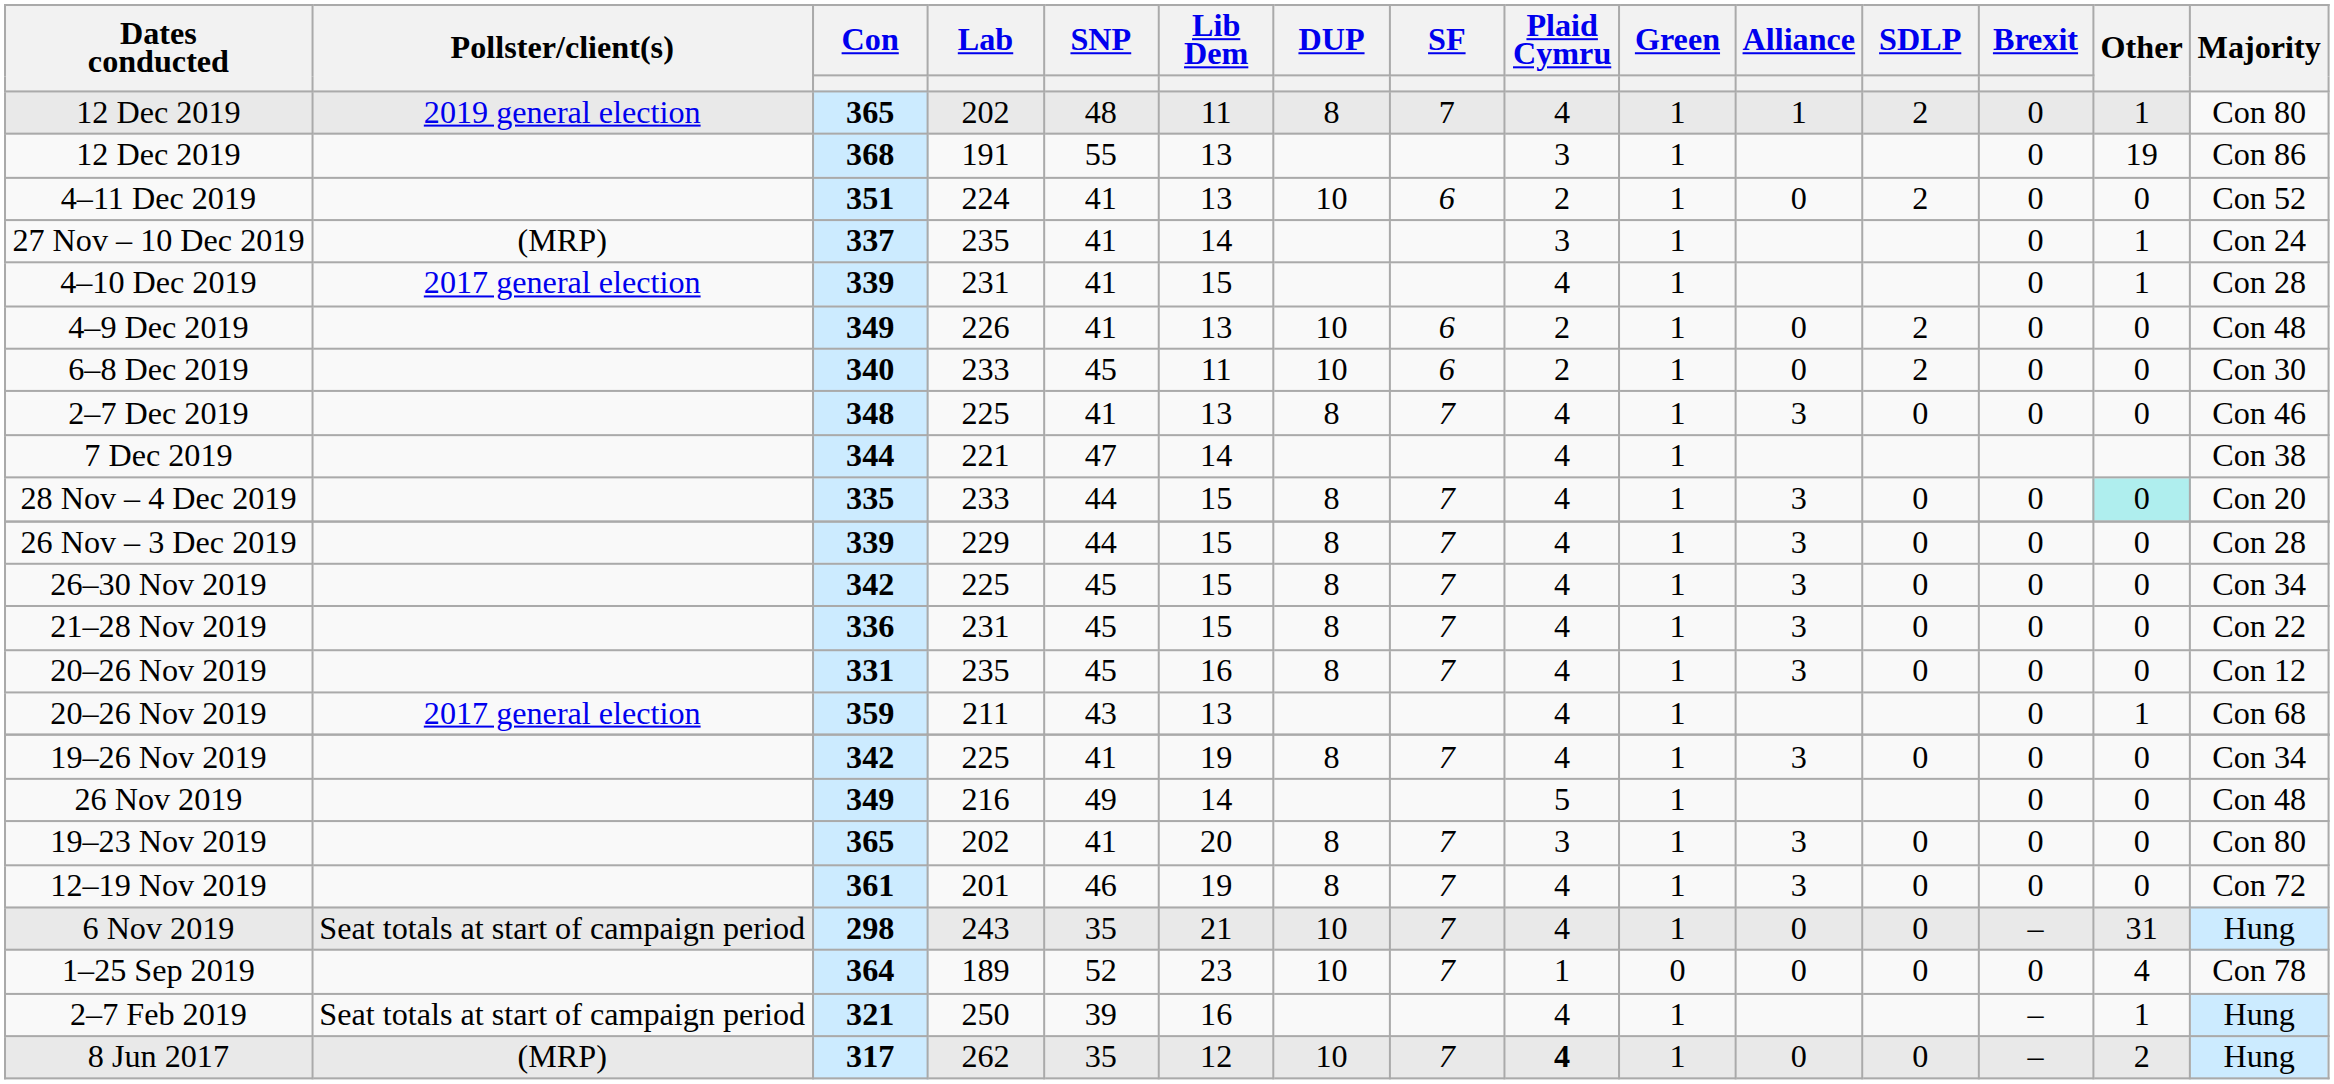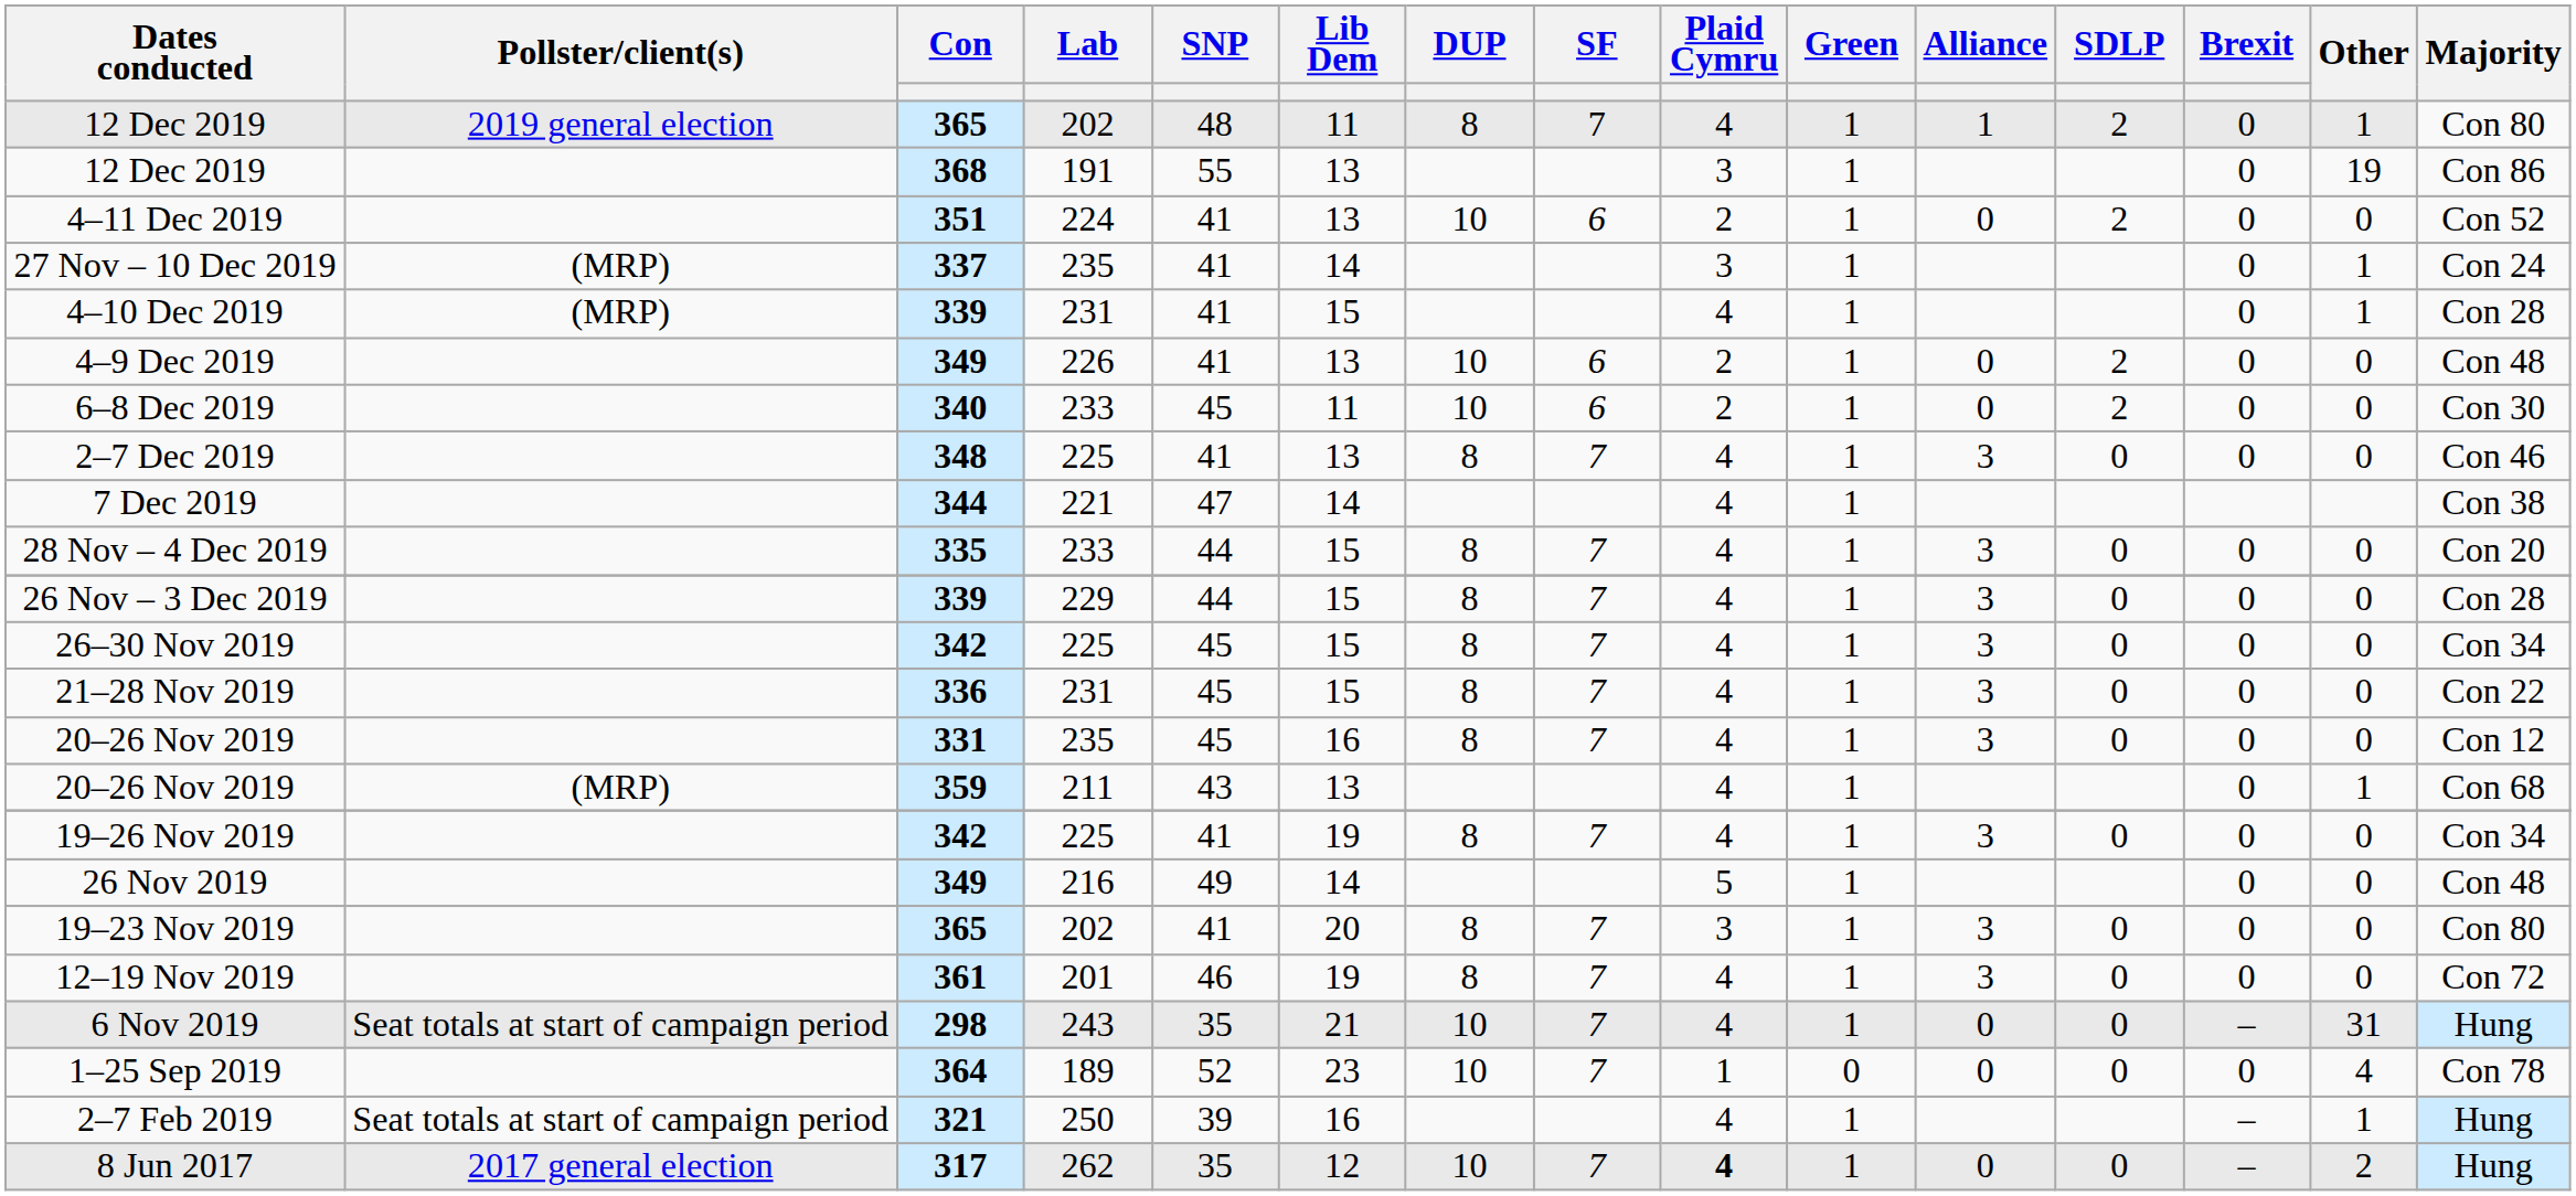 <table class="wikitable sortable mw-datatable" style="text-align:center;line-height:14px;">
 <tr>
 <th rowspan="2">Dates<br>conducted</th>
 <th rowspan="2">Pollster/client(s)</th>
 <th class="unsortable" style="width:50px;"><a href='#'>Con</a></th>
 <th class="unsortable" style="width:50px;"><a href='#'>Lab</a></th>
 <th class="unsortable" style="width:50px;"><a href='#'>SNP</a></th>
 <th class="unsortable" style="width:50px;"><a href='#'>Lib Dem</a></th>
 <th class="unsortable" style="width:50px;"><a href='#'>DUP</a></th>
 <th class="unsortable" style="width:50px;"><a href='#'>SF</a></th>
 <th class="unsortable" style="width:50px;"><a href='#'>Plaid Cymru</a></th>
 <th class="unsortable" style="width:50px;"><a href='#'>Green</a></th>
 <th class="unsortable" style="width:50px;"><a href='#'>Alliance</a></th>
 <th class="unsortable" style="width:50px;"><a href='#'>SDLP</a></th>
 <th class="unsortable" style="width:50px;"><a href='#'>Brexit</a></th>
 <th rowspan="2" class="unsortable">Other</th>
 <th rowspan="2" data-sort-type="number">Majority</th>
 </tr>
 <tr>
 <th data-sort-type="number" style="background:"></th>
 <th data-sort-type="number" style="background:"></th>
 <th data-sort-type="number" style="background:"></th>
 <th data-sort-type="number" style="background:"></th>
 <th data-sort-type="number" style="background:"></th>
 <th data-sort-type="number" style="background:"></th>
 <th data-sort-type="number" style="background:"></th>
 <th data-sort-type="number" style="background:"></th>
 <th data-sort-type="number" style="background:"></th>
 <th data-sort-type="number" style="background:"></th>
 <th data-sort-type="number" style="background:"></th>
 </tr>
 <tr>
 <td style="background:#E9E9E9;">12 Dec 2019</td>
 <td style="background:#E9E9E9;"><a href='#'>2019 general election</a></td>
 <td style="background:#CCEBFF;"><strong>365</strong></td>
 <td style="background:#E9E9E9;">202</td>
 <td style="background:#E9E9E9;">48</td>
 <td style="background:#E9E9E9;">11</td>
 <td style="background:#E9E9E9;">8</td>
 <td style="background:#E9E9E9;">7</td>
 <td style="background:#E9E9E9;">4</td>
 <td style="background:#E9E9E9;">1</td>
 <td style="background:#E9E9E9;">1</td>
 <td style="background:#E9E9E9;">2</td>
 <td style="background:#E9E9E9;">0</td>
 <td style="background:#E9E9E9;">1</td>
 <td style="background:">Con 80</td>
 </tr>
 <tr>
 <td>12 Dec 2019</td>
 <td></td>
 <td style="background:#CCEBFF;"><strong>368</strong></td>
 <td>191</td>
 <td>55</td>
 <td>13</td>
 <td></td>
 <td></td>
 <td>3</td>
 <td>1</td>
 <td></td>
 <td></td>
 <td>0</td>
 <td>19</td>
 <td style="background:">Con 86</td>
 </tr>
 <tr>
 <td>4–11 Dec 2019</td>
 <td></td>
 <td style="background:#CCEBFF;"><strong>351</strong></td>
 <td>224</td>
 <td>41</td>
 <td>13</td>
 <td>10</td>
 <td><em>6</em></td>
 <td>2</td>
 <td>1</td>
 <td>0</td>
 <td>2</td>
 <td>0</td>
 <td>0</td>
 <td style="background:">Con 52</td>
 </tr>
 <tr>
 <td>27 Nov – 10 Dec 2019</td>
 <td> (MRP)</td>
 <td style="background:#CCEBFF;"><strong>337</strong></td>
 <td>235</td>
 <td>41</td>
 <td>14</td>
 <td></td>
 <td></td>
 <td>3</td>
 <td>1</td>
 <td></td>
 <td></td>
 <td>0</td>
 <td>1</td>
 <td style="background:">Con 24</td>
 </tr>
 <tr>
 <td>4–10 Dec 2019</td>
-<td><a href='#'>2017 general election</a></td>
+<td> (MRP)</td>
 <td style="background:#CCEBFF;"><strong>339</strong></td>
 <td>231</td>
 <td>41</td>
 <td>15</td>
 <td></td>
 <td></td>
 <td>4</td>
 <td>1</td>
 <td></td>
 <td></td>
 <td>0</td>
 <td>1</td>
 <td style="background:">Con 28</td>
 </tr>
 <tr>
 <td>4–9 Dec 2019</td>
 <td></td>
 <td style="background:#CCEBFF;"><strong>349</strong></td>
 <td>226</td>
 <td>41</td>
 <td>13</td>
 <td>10</td>
 <td><em>6</em></td>
 <td>2</td>
 <td>1</td>
 <td>0</td>
 <td>2</td>
 <td>0</td>
 <td>0</td>
 <td style="background:">Con 48</td>
 </tr>
 <tr>
 <td>6–8 Dec 2019</td>
 <td> </td>
 <td style="background:#CCEBFF;"><strong>340</strong></td>
 <td>233</td>
 <td>45</td>
 <td>11</td>
 <td>10</td>
 <td><em>6</em></td>
 <td>2</td>
 <td>1</td>
 <td>0</td>
 <td>2</td>
 <td>0</td>
 <td>0</td>
 <td style="background:">Con 30</td>
 </tr>
 <tr>
 <td>2–7 Dec 2019</td>
 <td></td>
 <td style="background:#CCEBFF;"><strong>348</strong></td>
 <td>225</td>
 <td>41</td>
 <td>13</td>
 <td>8</td>
 <td><em>7</em></td>
 <td>4</td>
 <td>1</td>
 <td>3</td>
 <td>0</td>
 <td>0</td>
 <td>0</td>
 <td style="background:">Con 46</td>
 </tr>
 <tr>
 <td>7 Dec 2019</td>
 <td></td>
 <td style="background:#CCEBFF;"><strong>344</strong></td>
 <td>221</td>
 <td>47</td>
 <td>14</td>
 <td></td>
 <td></td>
 <td>4</td>
 <td>1</td>
 <td></td>
 <td></td>
 <td></td>
 <td></td>
 <td style="background:">Con 38</td>
 </tr>
 <tr>
 <td>28 Nov – 4 Dec 2019</td>
 <td></td>
 <td style="background:#CCEBFF;"><strong>335</strong></td>
 <td>233</td>
 <td>44</td>
 <td>15</td>
 <td>8</td>
 <td><em>7</em></td>
 <td>4</td>
 <td>1</td>
 <td>3</td>
 <td>0</td>
 <td>0</td>
-<td style="background: paleturquoise;">0</td>
+<td>0</td>
 <td style="background:">Con 20</td>
 </tr>
 <tr>
 </tr>
 <tr>
 <td>26 Nov – 3 Dec 2019</td>
 <td></td>
 <td style="background:#CCEBFF;"><strong>339</strong></td>
 <td>229</td>
 <td>44</td>
 <td>15</td>
 <td>8</td>
 <td><em>7</em></td>
 <td>4</td>
 <td>1</td>
 <td>3</td>
 <td>0</td>
 <td>0</td>
 <td>0</td>
 <td style="background:">Con 28</td>
 </tr>
 <tr>
 <td>26–30 Nov 2019</td>
 <td></td>
 <td style="background:#CCEBFF;"><strong>342</strong></td>
 <td>225</td>
 <td>45</td>
 <td>15</td>
 <td>8</td>
 <td><em>7</em></td>
 <td>4</td>
 <td>1</td>
 <td>3</td>
 <td>0</td>
 <td>0</td>
 <td>0</td>
 <td style="background:">Con 34</td>
 </tr>
 <tr>
 <td>21–28 Nov 2019</td>
 <td></td>
 <td style="background:#CCEBFF;"><strong>336</strong></td>
 <td>231</td>
 <td>45</td>
 <td>15</td>
 <td>8</td>
 <td><em>7</em></td>
 <td>4</td>
 <td>1</td>
 <td>3</td>
 <td>0</td>
 <td>0</td>
 <td>0</td>
 <td style="background:">Con 22</td>
 </tr>
 <tr>
 <td>20–26 Nov 2019</td>
 <td></td>
 <td style="background:#CCEBFF;"><strong>331</strong></td>
 <td>235</td>
 <td>45</td>
 <td>16</td>
 <td>8</td>
 <td><em>7</em></td>
 <td>4</td>
 <td>1</td>
 <td>3</td>
 <td>0</td>
 <td>0</td>
 <td>0</td>
 <td style="background:">Con 12</td>
 </tr>
 <tr>
 <td data-sort-value="2019-11-27">20–26 Nov 2019</td>
-<td><a href='#'>2017 general election</a></td>
+<td> (MRP)</td>
 <td style="background:#CCEBFF;"><strong>359</strong></td>
 <td>211</td>
 <td>43</td>
 <td>13</td>
 <td></td>
 <td></td>
 <td>4</td>
 <td>1</td>
 <td></td>
 <td></td>
 <td>0</td>
 <td>1</td>
 <td style="background:">Con 68</td>
 </tr>
 <tr style="background:#E9E9E9;">
 </tr>
 <tr>
 <td>19–26 Nov 2019</td>
 <td></td>
 <td style="background:#CCEBFF;"><strong>342</strong></td>
 <td>225</td>
 <td>41</td>
 <td>19</td>
 <td>8</td>
 <td><em>7</em></td>
 <td>4</td>
 <td>1</td>
 <td>3</td>
 <td>0</td>
 <td>0</td>
 <td>0</td>
 <td style="background:">Con 34</td>
 </tr>
 <tr>
 <td>26 Nov 2019</td>
 <td></td>
 <td style="background:#CCEBFF;"><strong>349</strong></td>
 <td>216</td>
 <td>49</td>
 <td>14</td>
 <td></td>
 <td></td>
 <td>5</td>
 <td>1</td>
 <td></td>
 <td></td>
 <td>0</td>
 <td>0</td>
 <td style="background:">Con 48</td>
 </tr>
 <tr>
 <td>19–23 Nov 2019</td>
 <td></td>
 <td style="background:#CCEBFF;"><strong>365</strong></td>
 <td>202</td>
 <td>41</td>
 <td>20</td>
 <td>8</td>
 <td><em>7</em></td>
 <td>3</td>
 <td>1</td>
 <td>3</td>
 <td>0</td>
 <td>0</td>
 <td>0</td>
 <td style="background:">Con 80</td>
 </tr>
 <tr>
 <td>12–19 Nov 2019</td>
 <td></td>
 <td style="background:#CCEBFF;"><strong>361</strong></td>
 <td>201</td>
 <td>46</td>
 <td>19</td>
 <td>8</td>
 <td><em>7</em></td>
 <td>4</td>
 <td>1</td>
 <td>3</td>
 <td>0</td>
 <td>0</td>
 <td>0</td>
 <td style="background:">Con 72</td>
 </tr>
 <tr style="background:#E9E9E9;">
 <td data-sort-value="2017-06-08">6 Nov 2019</td>
 <td>Seat totals at start of campaign period</td>
 <td style="background:#CCEBFF;"><strong>298</strong></td>
 <td>243</td>
 <td>35</td>
 <td>21</td>
 <td>10</td>
 <td><em>7</em></td>
 <td>4</td>
 <td>1</td>
 <td>0</td>
 <td>0</td>
 <td>–</td>
 <td>31</td>
 <td style="background:#ccebff;" data-sort-value="-28">Hung<br></td>
 </tr>
 <tr>
 <td data-sort-value="2019-10-30">1–25 Sep 2019</td>
 <td></td>
 <td style="background:#CCEBFF;"><strong>364</strong></td>
 <td>189</td>
 <td>52</td>
 <td>23</td>
 <td>10</td>
 <td><em>7</em></td>
 <td>1</td>
 <td>0</td>
 <td>0</td>
 <td>0</td>
 <td>0</td>
 <td>4</td>
 <td style="background:">Con 78</td>
 </tr>
 <tr>
 <td data-sort-value="2019-02-07">2–7 Feb 2019</td>
 <td>Seat totals at start of campaign period</td>
 <td style="background:#CCEBFF;"><strong>321</strong></td>
 <td>250</td>
 <td>39</td>
 <td>16</td>
 <td></td>
 <td></td>
 <td>4</td>
 <td>1</td>
 <td></td>
 <td></td>
 <td>–</td>
 <td>1</td>
 <td style="background:#ccebff;" data-sort-value="-5">Hung<br></td>
 </tr>
 <tr style="background:#E9E9E9;">
 <td data-sort-value="2017-06-08">8 Jun 2017</td>
-<td> (MRP)</td>
+<td><a href='#'>2017 general election</a></td>
 <td style="background:#CCEBFF;"><strong>317</strong></td>
 <td>262</td>
 <td>35</td>
 <td>12</td>
 <td>10</td>
 <td><em>7</em></td>
 <td><strong>4</strong></td>
 <td>1</td>
 <td>0</td>
 <td>0</td>
 <td>–</td>
 <td>2</td>
 <td style="background:#ccebff;" data-sort-value="-9">Hung<br></td>
 </tr>
 </table>
